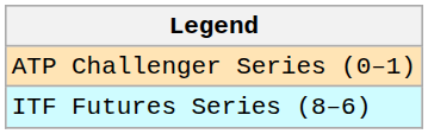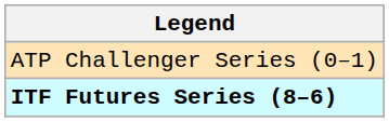 <table class=wikitable>
 <tr>
 <th>Legend</th>
 </tr>
 <tr bgcolor=moccasin>
 <td>ATP Challenger Series (0–1)</td>
 </tr>
 <tr bgcolor=CFFCFF>
-<td>ITF Futures Series (8–6)</td>
+<td><strong>ITF Futures Series (8–6)</strong></td>
 </tr>
 </table>
